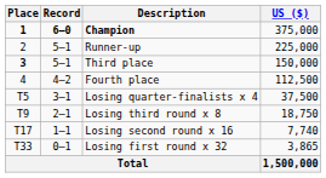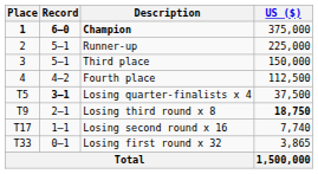 <table class="wikitable" style="text-align:center">
 <tr>
 <th>Place</th>
 <th>Record</th>
 <th>Description</th>
 <th><a href='#'>US ($)</a></th>
 </tr>
 <tr>
 <td><strong>1</strong></td>
 <td><strong>6–0</strong></td>
 <td align=left><strong>Champion</strong></td>
 <td align=right>375,000</td>
 </tr>
 <tr>
 <td>2</td>
 <td>5–1</td>
 <td align=left>Runner-up</td>
 <td align=right>225,000</td>
 </tr>
 <tr>
-<td><strong>3</strong></td>
+<td>3</td>
 <td>5–1</td>
 <td align=left>Third place</td>
 <td align=right>150,000</td>
 </tr>
 <tr>
 <td>4</td>
 <td>4–2</td>
 <td align=left>Fourth place</td>
 <td align=right>112,500</td>
 </tr>
 <tr>
 <td>T5</td>
-<td>3–1</td>
+<td><strong>3–1</strong></td>
 <td align=left>Losing quarter-finalists x 4</td>
 <td align=right>37,500</td>
 </tr>
 <tr>
 <td>T9</td>
 <td>2–1</td>
 <td align=left>Losing third round x 8</td>
-<td align=right>18,750</td>
+<td align=right><strong>18,750</strong></td>
 </tr>
 <tr>
 <td>T17</td>
 <td>1–1</td>
 <td align=left>Losing second round x 16</td>
 <td align=right>7,740</td>
 </tr>
 <tr>
 <td>T33</td>
 <td>0–1</td>
 <td align=left>Losing first round x 32</td>
 <td align=right>3,865</td>
 </tr>
 <tr>
 <th colspan=3>Total</th>
 <th>1,500,000</th>
 </tr>
 </table>
